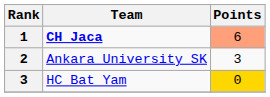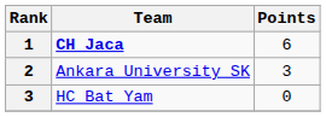 <table class="wikitable" style="text-align: center;">
 <tr>
 <th>Rank</th>
 <th>Team</th>
 <th>Points</th>
 </tr>
 <tr>
 <th>1</th>
 <td style="text-align: left;"> <strong><a href='#'>CH Jaca</a></strong></td>
-<td style="background: lightsalmon;">6</td>
+<td>6</td>
 </tr>
 <tr>
 <th>2</th>
 <td style="text-align: left;"> <a href='#'>Ankara University SK</a></td>
 <td>3</td>
 </tr>
 <tr>
 <th>3</th>
 <td style="text-align: left;"> <a href='#'>HC Bat Yam</a></td>
-<td style="background: gold;">0</td>
+<td>0</td>
 </tr>
 <tr>
 </tr>
 </table>
